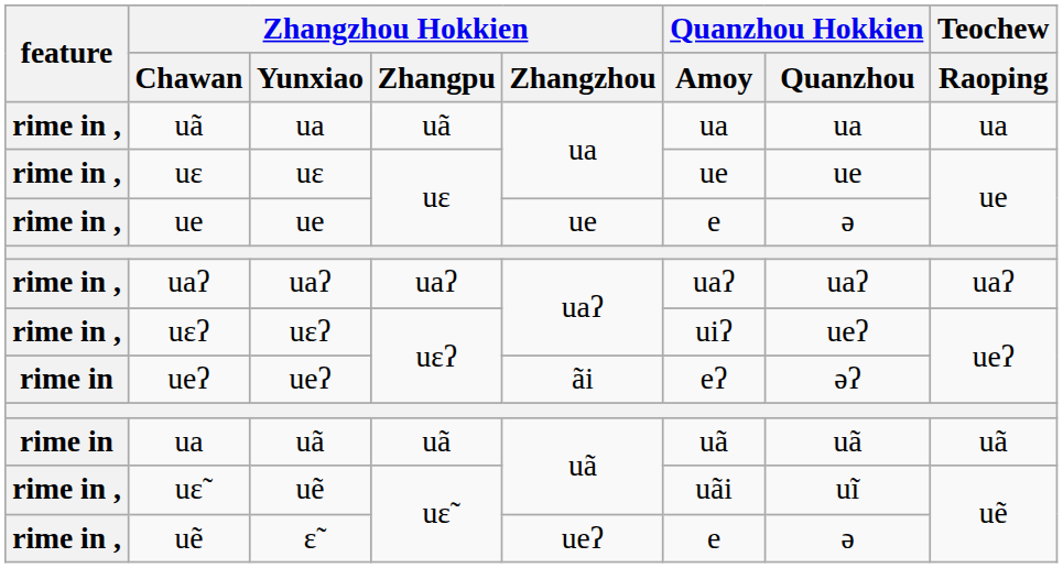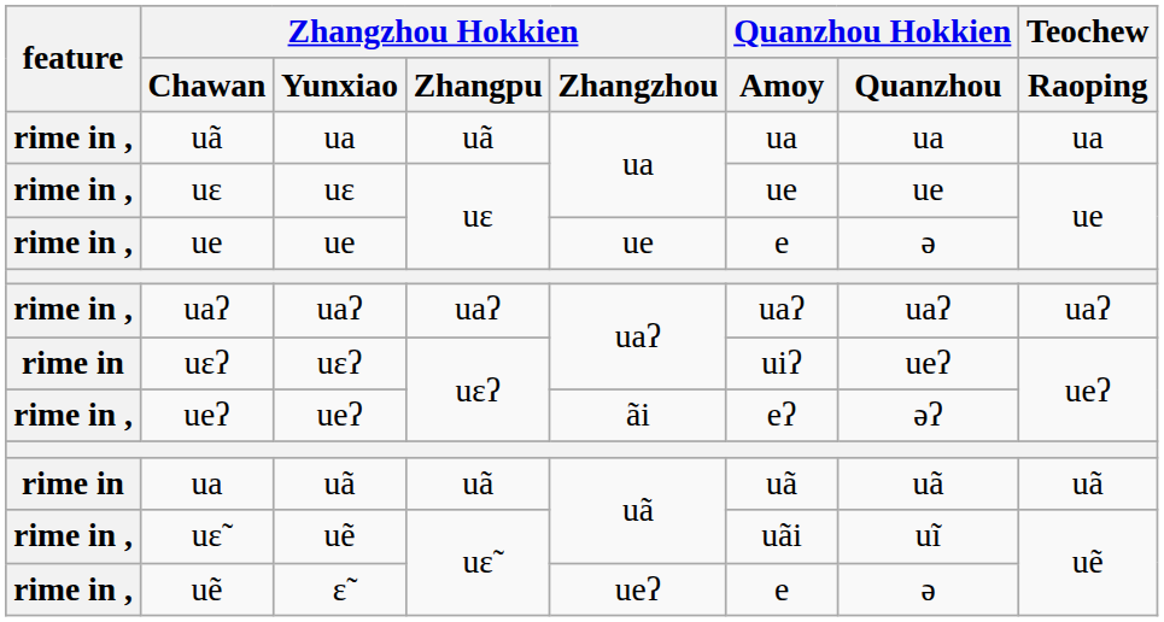 <table class="wikitable" style="text-align:center;">
 <tr>
 <th rowspan="2">feature</th>
 <th colspan="4"><a href='#'>Zhangzhou Hokkien</a></th>
 <th colspan="2"><a href='#'>Quanzhou Hokkien</a></th>
 <th>Teochew</th>
 </tr>
 <tr>
 <th>Chawan</th>
 <th>Yunxiao</th>
 <th>Zhangpu</th>
 <th>Zhangzhou</th>
 <th>Amoy</th>
 <th>Quanzhou</th>
 <th>Raoping</th>
 </tr>
 <tr>
 <th>rime in , </th>
 <td>uã</td>
 <td>ua</td>
 <td>uã</td>
 <td rowspan="2">ua</td>
 <td>ua</td>
 <td>ua</td>
 <td>ua</td>
 </tr>
 <tr>
 <th>rime in , </th>
 <td>uɛ</td>
 <td>uɛ</td>
 <td rowspan="2">uɛ</td>
 <td>ue</td>
 <td>ue</td>
 <td rowspan="2">ue</td>
 </tr>
 <tr>
 <th>rime in , </th>
 <td>ue</td>
 <td>ue</td>
 <td>ue</td>
 <td>e</td>
 <td>ə</td>
 </tr>
 <tr>
 <th colspan="8"></th>
 </tr>
 <tr>
 <th>rime in , </th>
 <td>uaʔ</td>
 <td>uaʔ</td>
 <td>uaʔ</td>
 <td rowspan="2">uaʔ</td>
 <td>uaʔ</td>
 <td>uaʔ</td>
 <td>uaʔ</td>
 </tr>
 <tr>
-<th>rime in , </th>
+<th>rime in </th>
 <td>uɛʔ</td>
 <td>uɛʔ</td>
 <td rowspan="2">uɛʔ</td>
 <td>uiʔ</td>
 <td>ueʔ</td>
 <td rowspan="2">ueʔ</td>
 </tr>
 <tr>
-<th>rime in </th>
+<th>rime in , </th>
 <td>ueʔ</td>
 <td>ueʔ</td>
 <td>ãi</td>
 <td>eʔ</td>
 <td>əʔ</td>
 </tr>
 <tr>
 <th colspan="8"></th>
 </tr>
 <tr>
 <th>rime in </th>
 <td>ua</td>
 <td>uã</td>
 <td>uã</td>
 <td rowspan="2">uã</td>
 <td>uã</td>
 <td>uã</td>
 <td>uã</td>
 </tr>
 <tr>
 <th>rime in , </th>
 <td>uɛ̃</td>
 <td>uẽ</td>
 <td rowspan="2">uɛ̃</td>
 <td>uãi</td>
 <td>uĩ</td>
 <td rowspan="2">uẽ</td>
 </tr>
 <tr>
 <th>rime in , </th>
 <td>uẽ</td>
 <td>ɛ̃</td>
 <td>ueʔ</td>
 <td>e</td>
 <td>ə</td>
 </tr>
 </table>
